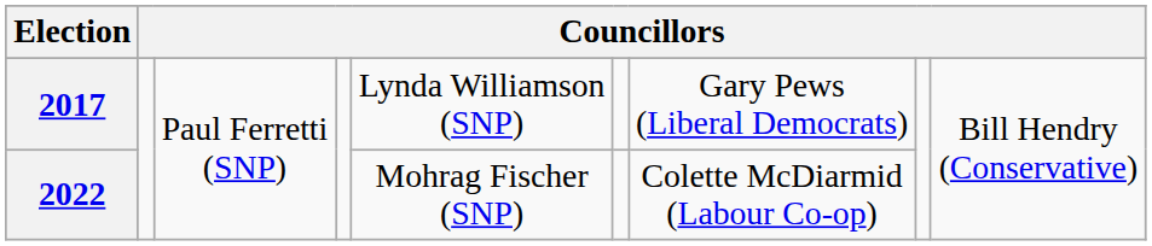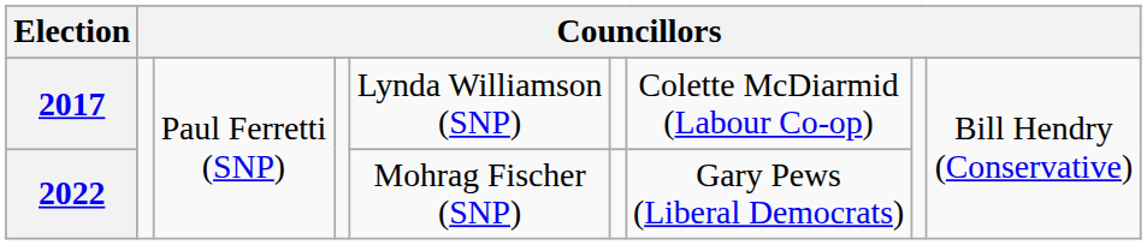 <table class="wikitable" style="text-align:center">
 <tr>
 <th>Election</th>
 <th colspan=8>Councillors</th>
 </tr>
 <tr>
 <th><a href='#'>2017</a></th>
 <td rowspan=2; style="background-color: "></td>
 <td rowspan=2>Paul Ferretti<br>(<a href='#'>SNP</a>)</td>
 <td rowspan=2; style="background-color: "></td>
 <td rowspan=1>Lynda Williamson<br>(<a href='#'>SNP</a>)</td>
 <td rowspan=1; style="background-color: "></td>
-<td rowspan=1>Gary Pews<br>(<a href='#'>Liberal Democrats</a>)</td>
+<td rowspan=1>Colette McDiarmid<br>(<a href='#'>Labour Co-op</a>)</td>
 <td rowspan=2; style="background-color: "></td>
 <td rowspan=2>Bill Hendry<br>(<a href='#'>Conservative</a>)</td>
 </tr>
 <tr>
 <th><a href='#'>2022</a></th>
 <td rowspan=1>Mohrag Fischer<br>(<a href='#'>SNP</a>)</td>
 <td rowspan=1; style="background-color: "></td>
-<td rowspan=1>Colette McDiarmid<br>(<a href='#'>Labour Co-op</a>)</td>
+<td rowspan=1>Gary Pews<br>(<a href='#'>Liberal Democrats</a>)</td>
 </tr>
 </table>
